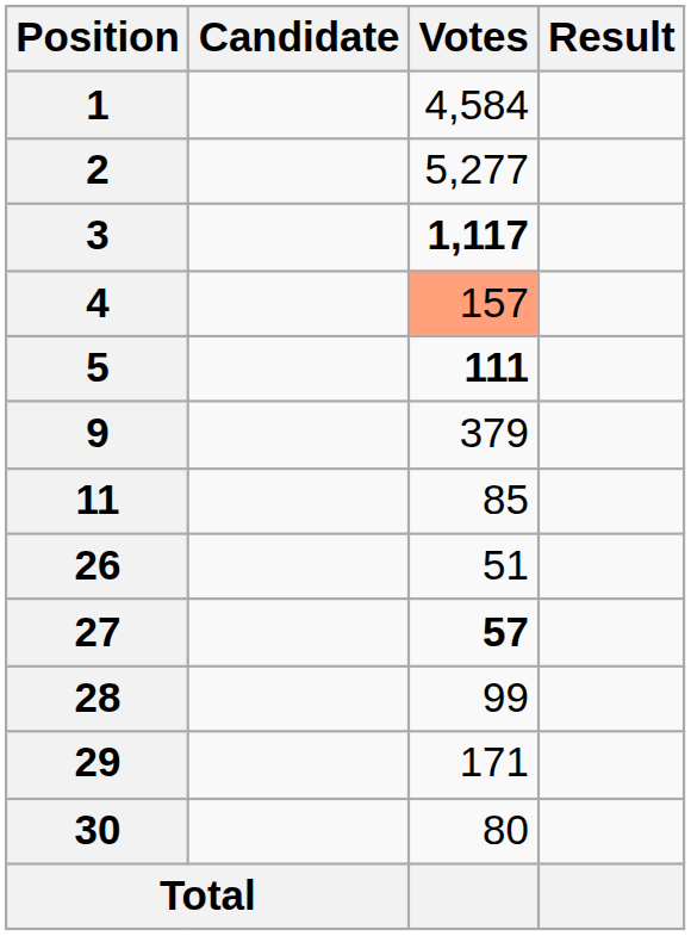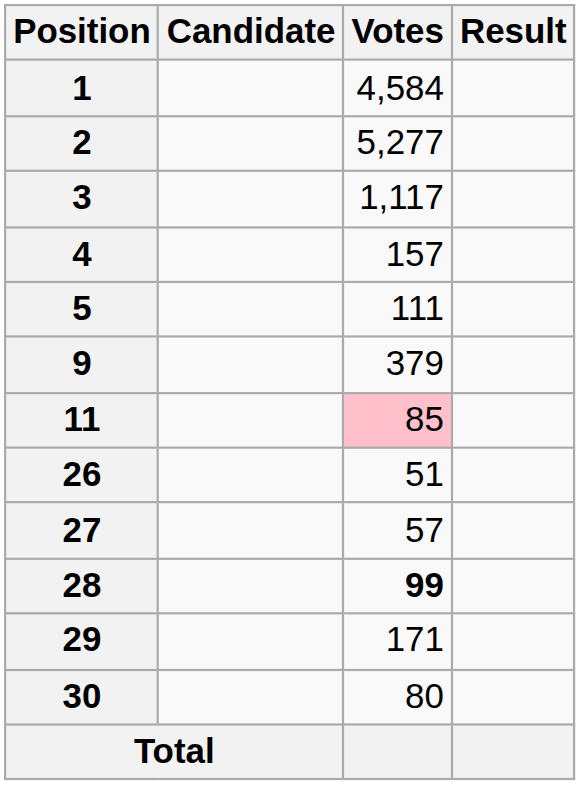 <table class="wikitable sortable">
 <tr>
 <th scope="col">Position</th>
 <th scope="col">Candidate</th>
 <th scope="col">Votes</th>
 <th scope="col">Result</th>
 </tr>
 <tr>
 <th scope="row">1</th>
 <td></td>
 <td style="text-align:right">4,584</td>
 <td></td>
 </tr>
 <tr>
 <th scope="row">2</th>
 <td></td>
 <td style="text-align:right">5,277</td>
 <td></td>
 </tr>
 <tr>
 <th scope="row">3</th>
 <td></td>
-<td style="text-align:right"><strong>1,117</strong></td>
+<td style="text-align:right">1,117</td>
 <td></td>
 </tr>
 <tr>
 <th scope="row">4</th>
 <td></td>
-<td style="background: lightsalmon; text-align:right">157</td>
+<td style="text-align:right">157</td>
 <td></td>
 </tr>
 <tr>
 <th scope="row">5</th>
 <td></td>
-<td style="text-align:right"><strong>111</strong></td>
+<td style="text-align:right">111</td>
 <td></td>
 </tr>
 <tr>
 <th scope="row">9</th>
 <td></td>
 <td style="text-align:right">379</td>
 <td></td>
 </tr>
 <tr>
 <th scope="row">11</th>
 <td></td>
-<td style="text-align:right">85</td>
+<td style="background: pink; text-align:right">85</td>
 <td></td>
 </tr>
 <tr>
 <th scope="row">26</th>
 <td></td>
 <td style="text-align:right">51</td>
 <td></td>
 </tr>
 <tr>
 <th scope="row">27</th>
 <td></td>
-<td style="text-align:right"><strong>57</strong></td>
+<td style="text-align:right">57</td>
 <td></td>
 </tr>
 <tr>
 <th scope="row">28</th>
 <td></td>
-<td style="text-align:right">99</td>
+<td style="text-align:right"><strong>99</strong></td>
 <td></td>
 </tr>
 <tr>
 <th scope="row">29</th>
 <td></td>
 <td style="text-align:right">171</td>
 <td></td>
 </tr>
 <tr>
 <th scope="row">30</th>
 <td></td>
 <td style="text-align:right">80</td>
 <td></td>
 </tr>
 <tr class="sortbottom">
 <th scope="row" colspan="2">Total</th>
 <th style="text-align:right"></th>
 <th></th>
 </tr>
 </table>
